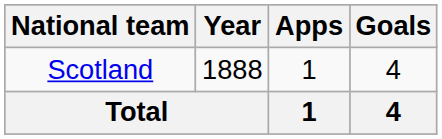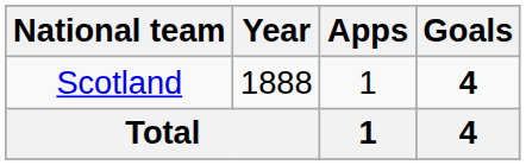 <table class=wikitable style="text-align: center">
 <tr>
 <th>National team</th>
 <th>Year</th>
 <th>Apps</th>
 <th>Goals</th>
 </tr>
 <tr>
 <td><a href='#'>Scotland</a></td>
 <td>1888</td>
 <td>1</td>
-<td>4</td>
+<td><strong>4</strong></td>
 </tr>
 <tr>
 <th colspan=2>Total</th>
 <th>1</th>
 <th>4</th>
 </tr>
 </table>
